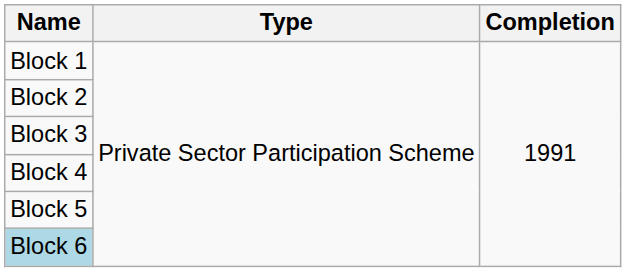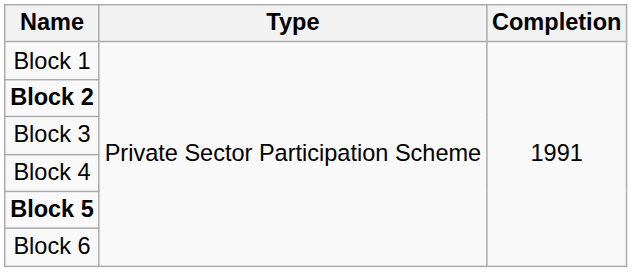 <table class="wikitable" style="text-align: center">
 <tr>
 <th>Name</th>
 <th>Type</th>
 <th>Completion</th>
 </tr>
 <tr>
 <td>Block 1</td>
 <td rowspan="6">Private Sector Participation Scheme</td>
 <td rowspan="6">1991</td>
 </tr>
 <tr>
-<td>Block 2</td>
+<td><strong>Block 2</strong></td>
 </tr>
 <tr>
 <td>Block 3</td>
 </tr>
 <tr>
 <td>Block 4</td>
 </tr>
 <tr>
-<td>Block 5</td>
+<td><strong>Block 5</strong></td>
 </tr>
 <tr>
-<td style="background: lightblue;">Block 6</td>
+<td>Block 6</td>
 </tr>
 </table>
